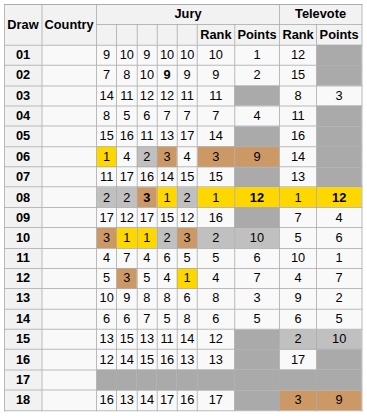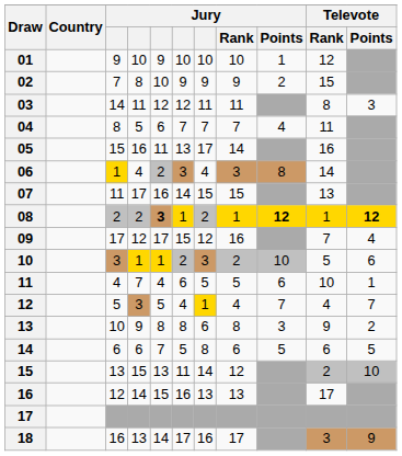 <table class="sortable wikitable collapsible plainrowheaders" style="text-align:center;">
 <tr>
 </tr>
 <tr>
 <th scope="col" rowspan="2">Draw</th>
 <th scope="col" rowspan="2">Country</th>
 <th scope="col" colspan="7">Jury</th>
 <th scope="col" colspan="2">Televote</th>
 </tr>
 <tr>
 <th scope="col"></th>
 <th scope="col"></th>
 <th scope="col"></th>
 <th scope="col"></th>
 <th scope="col"></th>
 <th scope="col">Rank</th>
 <th scope="col">Points</th>
 <th scope="col">Rank</th>
 <th scope="col">Points</th>
 </tr>
 <tr>
 <th scope="row" style="text-align:center;">01</th>
 <td style="text-align:left;"></td>
 <td>9</td>
 <td>10</td>
 <td>9</td>
 <td>10</td>
 <td>10</td>
 <td>10</td>
 <td>1</td>
 <td>12</td>
 <td style="background:#AAAAAA;"></td>
 </tr>
 <tr>
 <th scope="row" style="text-align:center;">02</th>
 <td style="text-align:left;"></td>
 <td>7</td>
 <td>8</td>
 <td>10</td>
-<td><strong>9</strong></td>
+<td>9</td>
 <td>9</td>
 <td>9</td>
 <td>2</td>
 <td>15</td>
 <td style="background:#AAAAAA;"></td>
 </tr>
 <tr>
 <th scope="row" style="text-align:center;">03</th>
 <td style="text-align:left;"></td>
 <td>14</td>
 <td>11</td>
 <td>12</td>
 <td>12</td>
 <td>11</td>
 <td>11</td>
 <td style="background:#AAAAAA;"></td>
 <td>8</td>
 <td>3</td>
 </tr>
 <tr>
 <th scope="row" style="text-align:center;">04</th>
 <td style="text-align:left;"></td>
 <td>8</td>
 <td>5</td>
 <td>6</td>
 <td>7</td>
 <td>7</td>
 <td>7</td>
 <td>4</td>
 <td>11</td>
 <td style="background:#AAAAAA;"></td>
 </tr>
 <tr>
 <th scope="row" style="text-align:center;">05</th>
 <td style="text-align:left;"></td>
 <td>15</td>
 <td>16</td>
 <td>11</td>
 <td>13</td>
 <td>17</td>
 <td>14</td>
 <td style="background:#AAAAAA;"></td>
 <td>16</td>
 <td style="background:#AAAAAA;"></td>
 </tr>
 <tr>
 <th scope="row" style="text-align:center;">06</th>
 <td align="left "></td>
 <td style="background:gold;">1</td>
 <td>4</td>
 <td style="background:silver;">2</td>
 <td style="background:#CC9966;">3</td>
 <td>4</td>
 <td style="background:#CC9966;">3</td>
-<td style="background:#CC9966;">9</td>
+<td style="background:#CC9966;">8</td>
 <td>14</td>
 <td style="background:#AAAAAA;"></td>
 </tr>
 <tr>
 <th scope="row" style="text-align:center;">07</th>
 <td style="text-align:left;"></td>
 <td>11</td>
 <td>17</td>
 <td>16</td>
 <td>14</td>
 <td>15</td>
 <td>15</td>
 <td style="background:#AAAAAA;"></td>
 <td>13</td>
 <td style="background:#AAAAAA;"></td>
 </tr>
 <tr>
 <th scope="row" style="text-align:center;">08</th>
 <td style="text-align:left;"></td>
 <td style="background:silver;">2</td>
 <td style="background:silver;">2</td>
 <td style="background:#CC9966;"><strong>3</strong></td>
 <td style="background:gold;">1</td>
 <td style="background:silver;">2</td>
 <td style="background:gold;">1</td>
 <td style="background:gold;"><strong>12</strong></td>
 <td style="background:gold;">1</td>
 <td style="background:gold;"><strong>12</strong></td>
 </tr>
 <tr>
 <th scope="row" style="text-align:center;">09</th>
 <td style="text-align:left;"></td>
 <td>17</td>
 <td>12</td>
 <td>17</td>
 <td>15</td>
 <td>12</td>
 <td>16</td>
 <td style="background:#AAAAAA;"></td>
 <td>7</td>
 <td>4</td>
 </tr>
 <tr>
 <th scope="row" style="text-align:center;">10</th>
 <td style="text-align:left;"></td>
 <td style="background:#CC9966;">3</td>
 <td style="background:gold;">1</td>
 <td style="background:gold;">1</td>
 <td style="background:silver;">2</td>
 <td style="background:#CC9966;">3</td>
 <td style="background:silver;">2</td>
 <td style="background:silver;">10</td>
 <td>5</td>
 <td>6</td>
 </tr>
 <tr>
 <th scope="row" style="text-align:center;">11</th>
 <td style="text-align:left;"></td>
 <td>4</td>
 <td>7</td>
 <td>4</td>
 <td>6</td>
 <td>5</td>
 <td>5</td>
 <td>6</td>
 <td>10</td>
 <td>1</td>
 </tr>
 <tr>
 <th scope="row" style="text-align:center;">12</th>
 <td style="text-align:left;"></td>
 <td>5</td>
 <td style="background:#CC9966;">3</td>
 <td>5</td>
 <td>4</td>
 <td style="background:gold;">1</td>
 <td>4</td>
 <td>7</td>
 <td>4</td>
 <td>7</td>
 </tr>
 <tr>
 <th scope="row" style="text-align:center;">13</th>
 <td style="text-align:left;"></td>
 <td>10</td>
 <td>9</td>
 <td>8</td>
 <td>8</td>
 <td>6</td>
 <td>8</td>
 <td>3</td>
 <td>9</td>
 <td>2</td>
 </tr>
 <tr>
 <th scope="row" style="text-align:center;">14</th>
 <td style="text-align:left;"></td>
 <td>6</td>
 <td>6</td>
 <td>7</td>
 <td>5</td>
 <td>8</td>
 <td>6</td>
 <td>5</td>
 <td>6</td>
 <td>5</td>
 </tr>
 <tr>
 <th scope="row" style="text-align:center;">15</th>
 <td style="text-align:left;"></td>
 <td>13</td>
 <td>15</td>
 <td>13</td>
 <td>11</td>
 <td>14</td>
 <td>12</td>
 <td style="background:#AAAAAA;"></td>
 <td style="background:silver;">2</td>
 <td style="background:silver;">10</td>
 </tr>
 <tr>
 <th scope="row" style="text-align:center;">16</th>
 <td style="text-align:left;"></td>
 <td>12</td>
 <td>14</td>
 <td>15</td>
 <td>16</td>
 <td>13</td>
 <td>13</td>
 <td style="background:#AAAAAA;"></td>
 <td>17</td>
 <td style="background:#AAAAAA;"></td>
 </tr>
 <tr class="sortbottom">
 <th scope="row" style="text-align:center;">17</th>
 <td style="text-align:left;"></td>
 <td style="background:#AAAAAA;"></td>
 <td style="background:#AAAAAA;"></td>
 <td style="background:#AAAAAA;"></td>
 <td style="background:#AAAAAA;"></td>
 <td style="background:#AAAAAA;"></td>
 <td style="background:#AAAAAA;"></td>
 <td style="background:#AAAAAA;"></td>
 <td style="background:#AAAAAA;"></td>
 <td style="background:#AAAAAA;"></td>
 </tr>
 <tr>
 <th scope="row" style="text-align:center;">18</th>
 <td style="text-align:left;"></td>
 <td>16</td>
 <td>13</td>
 <td>14</td>
 <td>17</td>
 <td>16</td>
 <td>17</td>
 <td style="background:#AAAAAA;"></td>
 <td style="background:#CC9966;">3</td>
 <td style="background:#CC9966;">9</td>
 </tr>
 </table>
